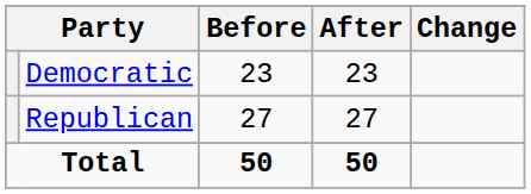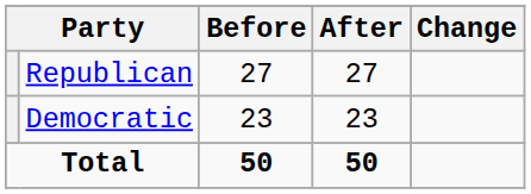 <table class="wikitable" style="text-align:center;">
 <tr>
 </tr>
 <tr>
 <th colspan=2>Party</th>
 <th>Before</th>
 <th>After</th>
 <th>Change</th>
 </tr>
 <tr>
 <th style="background-color:"></th>
-<td style="text-align:left;"><a href='#'>Democratic</a></td>
-<td>23</td>
-<td>23</td>
+<td style="text-align:left;"><a href='#'>Republican</a></td>
+<td>27</td>
+<td>27</td>
 <td></td>
 </tr>
 <tr>
 <th style="background-color:"></th>
-<td style="text-align:left;"><a href='#'>Republican</a></td>
-<td>27</td>
-<td>27</td>
+<td style="text-align:left;"><a href='#'>Democratic</a></td>
+<td>23</td>
+<td>23</td>
 <td></td>
 </tr>
 <tr>
 <td colspan=2><strong>Total</strong></td>
 <td><strong>50</strong></td>
 <td><strong>50</strong></td>
 <td></td>
 </tr>
 </table>
